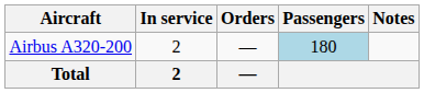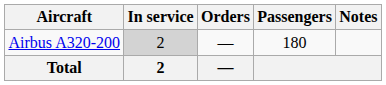 <table class="wikitable" style="text-align:center; margin:0.5em auto">
 <tr>
 <th>Aircraft</th>
 <th>In service</th>
 <th>Orders</th>
 <th>Passengers</th>
 <th>Notes</th>
 </tr>
 <tr>
 <td><a href='#'>Airbus A320-200</a></td>
-<td>2</td>
+<td style="background: lightgrey;">2</td>
 <td>—</td>
-<td style="background: lightblue;">180</td>
+<td>180</td>
 <td></td>
 </tr>
 <tr>
 <th>Total</th>
 <th>2</th>
 <th>—</th>
 <th colspan="5"></th>
 </tr>
 </table>
